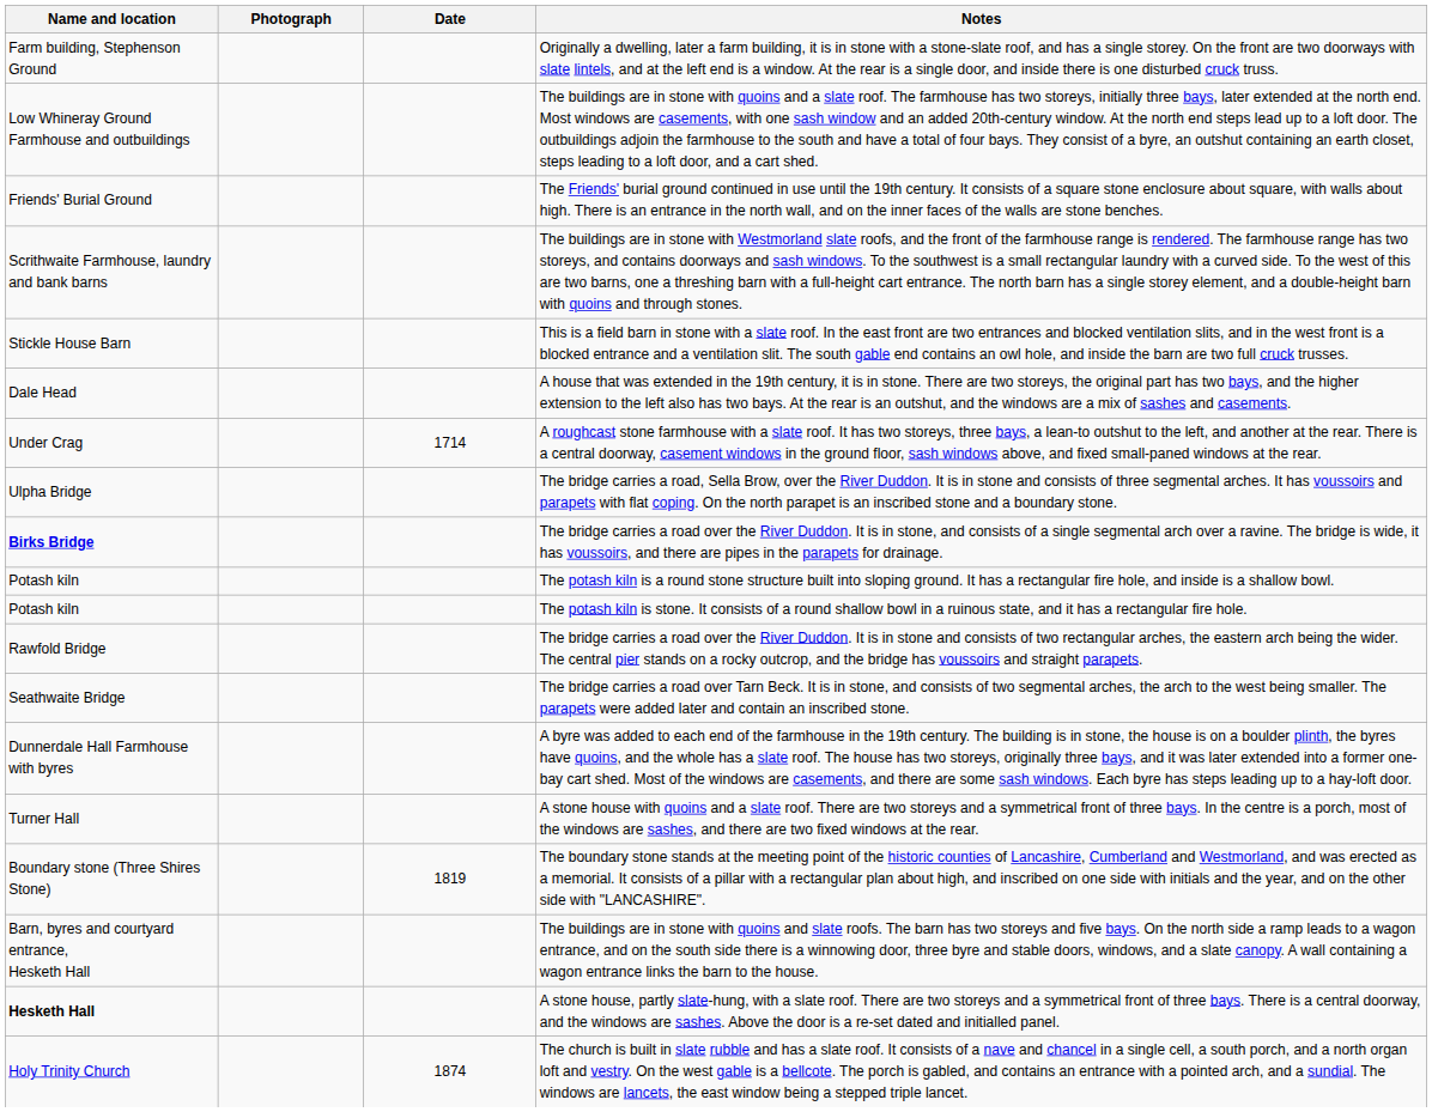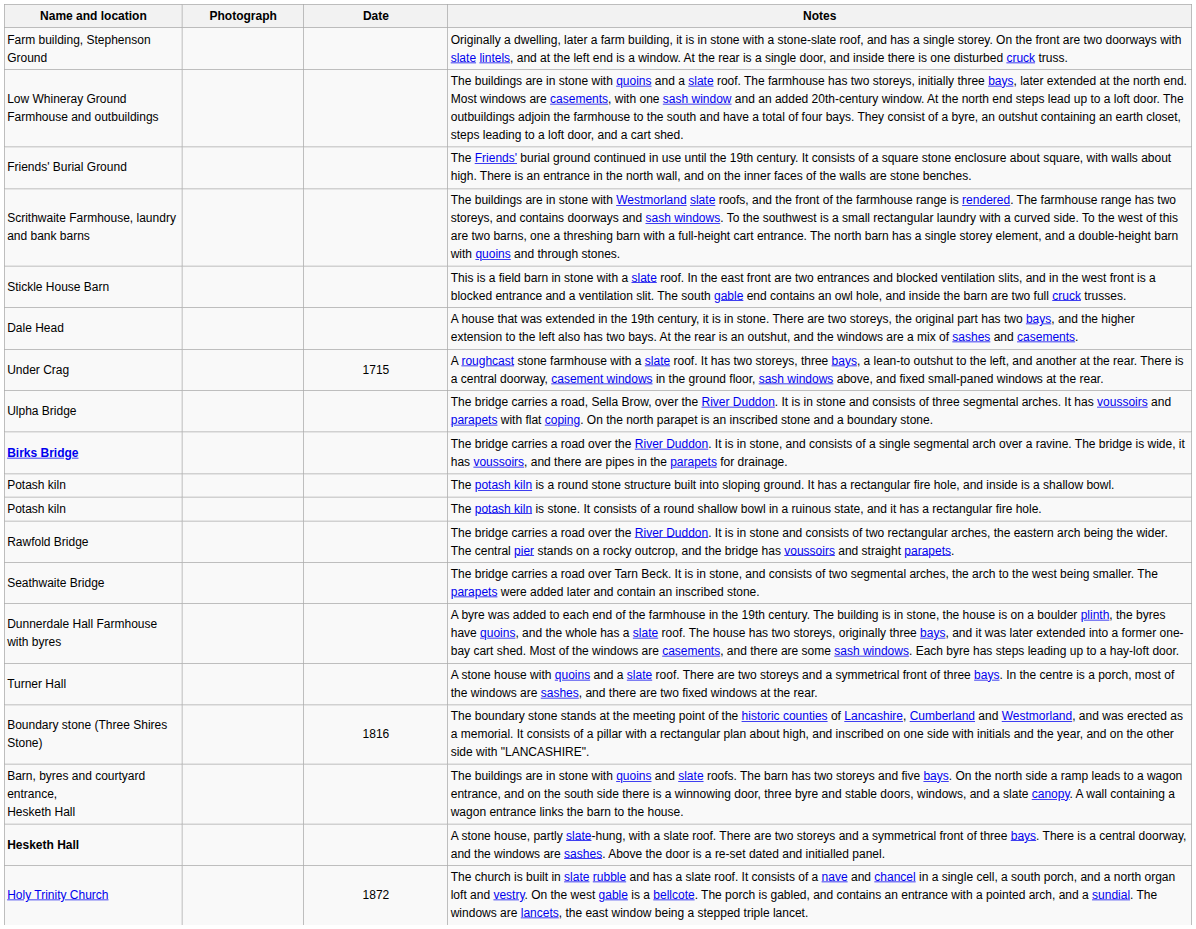 <table class="wikitable sortable plainrowheaders" style="width:100%;border:0px;text-align:left;line-height:150%;">
 <tr>
 <th scope="col"  style="width:150px">Name and location</th>
 <th scope="col"  style="width:100px" class="unsortable">Photograph</th>
 <th scope="col"  style="width:120px">Date</th>
 <th scope="col"  style="width:650px" class="unsortable">Notes</th>
 </tr>
 <tr>
 <td>Farm building, Stephenson Ground<br><small></small></td>
 <td></td>
 <td align="center"></td>
 <td>Originally a dwelling, later a farm building, it is in stone with a stone-slate roof, and has a single storey. On the front are two doorways with <a href='#'>slate</a> <a href='#'>lintels</a>, and at the left end is a window.  At the rear is a single door, and inside there is one disturbed <a href='#'>cruck</a> truss.</td>
 </tr>
 <tr>
 <td>Low Whineray Ground Farmhouse and outbuildings<br><small></small></td>
 <td></td>
 <td align="center"></td>
 <td>The buildings are in stone with <a href='#'>quoins</a> and a <a href='#'>slate</a> roof.  The farmhouse has two storeys, initially three <a href='#'>bays</a>, later extended at the north end.  Most windows are <a href='#'>casements</a>, with one <a href='#'>sash window</a> and an added 20th-century window.  At the north end steps lead up to a loft door.  The outbuildings adjoin the farmhouse to the south and have a total of four bays.  They consist of a byre, an outshut containing an earth closet, steps leading to a loft door, and a cart shed.</td>
 </tr>
 <tr>
 <td>Friends' Burial Ground<br><small></small></td>
 <td></td>
 <td align="center"></td>
 <td>The <a href='#'>Friends'</a> burial ground continued in use until the 19th century.  It consists of a square stone enclosure about  square, with walls about  high.  There is an entrance in the north wall, and on the inner faces of the walls are stone benches.</td>
 </tr>
 <tr>
 <td>Scrithwaite Farmhouse, laundry and bank barns<br><small></small></td>
 <td></td>
 <td align="center"></td>
 <td>The buildings are in stone with <a href='#'>Westmorland</a> <a href='#'>slate</a> roofs, and the front of the farmhouse range is <a href='#'>rendered</a>. The farmhouse range has two storeys, and contains doorways and <a href='#'>sash windows</a>. To the southwest is a small rectangular laundry with a curved side. To the west of this are two barns, one a threshing barn with a full-height cart entrance. The north barn has a single storey element, and a double-height barn with <a href='#'>quoins</a> and through stones.</td>
 </tr>
 <tr>
 <td>Stickle House Barn<br><small></small></td>
 <td></td>
 <td align="center"></td>
 <td>This is a field barn in stone with a <a href='#'>slate</a> roof.  In the east front are two entrances and blocked ventilation slits, and in the west front is a blocked entrance and a ventilation slit.  The south <a href='#'>gable</a> end contains an owl hole, and inside the barn are two full <a href='#'>cruck</a> trusses.</td>
 </tr>
 <tr>
 <td>Dale Head<br><small></small></td>
 <td></td>
 <td align="center"></td>
 <td>A house that was extended in the 19th century, it is in stone.  There are two storeys, the original part has two <a href='#'>bays</a>, and the higher extension to the left also has two bays.  At the rear is an outshut, and the windows are a mix of <a href='#'>sashes</a> and <a href='#'>casements</a>.</td>
 </tr>
 <tr>
 <td>Under Crag<br><small></small></td>
 <td></td>
-<td align="center">1714</td>
+<td align="center">1715</td>
 <td>A <a href='#'>roughcast</a> stone farmhouse with a <a href='#'>slate</a> roof.  It has two storeys, three <a href='#'>bays</a>, a lean-to outshut to the left, and another at the rear.  There is a central doorway, <a href='#'>casement windows</a> in the ground floor, <a href='#'>sash windows</a> above, and fixed small-paned windows at the rear.</td>
 </tr>
 <tr>
 <td>Ulpha Bridge<br><small></small></td>
 <td></td>
 <td align="center"></td>
 <td>The bridge carries a road, Sella Brow, over the <a href='#'>River Duddon</a>.  It is in stone and consists of three segmental arches.  It has <a href='#'>voussoirs</a> and <a href='#'>parapets</a> with flat <a href='#'>coping</a>.  On the north parapet is an inscribed stone and a boundary stone.</td>
 </tr>
 <tr>
 <td><strong><a href='#'>Birks Bridge</a><br><small></small></strong></td>
 <td></td>
 <td align="center"></td>
 <td>The bridge carries a road over the <a href='#'>River Duddon</a>.  It is in stone, and consists of a single segmental arch over a ravine.  The bridge is  wide, it has <a href='#'>voussoirs</a>, and there are pipes in the <a href='#'>parapets</a> for drainage.</td>
 </tr>
 <tr>
 <td>Potash kiln<br><small></small></td>
 <td></td>
 <td align="center"></td>
 <td>The <a href='#'>potash kiln</a> is a round stone structure built into sloping ground.  It has a rectangular fire hole, and inside is a shallow bowl.</td>
 </tr>
 <tr>
 <td>Potash kiln<br><small></small></td>
 <td></td>
 <td align="center"></td>
 <td>The <a href='#'>potash kiln</a> is stone.  It consists of a round shallow bowl in a ruinous state, and it has a rectangular fire hole.</td>
 </tr>
 <tr>
 <td>Rawfold Bridge<br><small></small></td>
 <td></td>
 <td align="center"></td>
 <td>The bridge carries a road over the <a href='#'>River Duddon</a>.  It is in stone and consists of two rectangular arches, the eastern arch being the wider.  The central <a href='#'>pier</a> stands on a rocky outcrop, and the bridge has <a href='#'>voussoirs</a> and straight <a href='#'>parapets</a>.</td>
 </tr>
 <tr>
 <td>Seathwaite Bridge<br><small></small></td>
 <td></td>
 <td align="center"></td>
 <td>The bridge carries a road over Tarn Beck.  It is in stone, and consists of two segmental arches, the arch to the west being smaller.  The <a href='#'>parapets</a> were added later and contain an inscribed stone.</td>
 </tr>
 <tr>
 <td>Dunnerdale Hall Farmhouse with byres<br><small></small></td>
 <td></td>
 <td align="center"></td>
 <td>A byre was added to each end of the farmhouse in the 19th century.  The building is in stone, the house is on a boulder <a href='#'>plinth</a>, the byres have <a href='#'>quoins</a>, and the whole has a <a href='#'>slate</a> roof.  The house has two storeys, originally three <a href='#'>bays</a>, and it was later extended into a former one-bay cart shed.  Most of the windows are <a href='#'>casements</a>, and there are some <a href='#'>sash windows</a>.  Each byre has steps leading up to a hay-loft door.</td>
 </tr>
 <tr>
 <td>Turner Hall<br><small></small></td>
 <td></td>
 <td align="center"></td>
 <td>A stone house with <a href='#'>quoins</a> and a <a href='#'>slate</a> roof.  There are two storeys and a symmetrical front of three <a href='#'>bays</a>.  In the centre is a porch, most of the windows are <a href='#'>sashes</a>, and there are two fixed windows at the rear.</td>
 </tr>
 <tr>
 <td>Boundary stone (Three Shires Stone)<br><small></small></td>
 <td></td>
-<td align="center">1819</td>
+<td align="center">1816</td>
 <td>The boundary stone stands at the meeting point of the <a href='#'>historic counties</a> of <a href='#'>Lancashire</a>, <a href='#'>Cumberland</a> and <a href='#'>Westmorland</a>, and was erected as a memorial.  It consists of a pillar with a rectangular plan about  high, and inscribed on one side with initials and the year, and on the other side with "LANCASHIRE".</td>
 </tr>
 <tr>
 <td>Barn, byres and courtyard entrance,<br>Hesketh Hall<br><small></small></td>
 <td></td>
 <td align="center"></td>
 <td>The buildings are in stone with <a href='#'>quoins</a> and <a href='#'>slate</a> roofs.  The barn has two storeys and five <a href='#'>bays</a>.  On the north side a ramp leads to a wagon entrance, and on the south side there is a winnowing door, three byre and stable doors, windows, and a slate <a href='#'>canopy</a>.  A wall containing a wagon entrance links the barn to the house.</td>
 </tr>
 <tr>
 <td><strong>Hesketh Hall<br><small></small></strong></td>
 <td></td>
 <td align="center"></td>
 <td>A stone house, partly <a href='#'>slate</a>-hung, with a slate roof.  There are two storeys and a symmetrical front of three <a href='#'>bays</a>.  There is a central doorway, and the windows are <a href='#'>sashes</a>.  Above the door is a re-set dated and initialled panel.</td>
 </tr>
 <tr>
 <td><a href='#'>Holy Trinity Church</a><br><small></small></td>
 <td></td>
-<td align="center">1874</td>
+<td align="center">1872</td>
 <td>The church is built in <a href='#'>slate</a> <a href='#'>rubble</a> and has a slate roof.  It consists of a <a href='#'>nave</a> and <a href='#'>chancel</a> in a single cell, a south porch, and a north organ loft and <a href='#'>vestry</a>.  On the west <a href='#'>gable</a> is a <a href='#'>bellcote</a>.  The porch is gabled, and contains an entrance with a pointed arch, and a <a href='#'>sundial</a>.  The windows are <a href='#'>lancets</a>, the east window being a stepped triple lancet.</td>
 </tr>
 <tr>
 </tr>
 </table>
